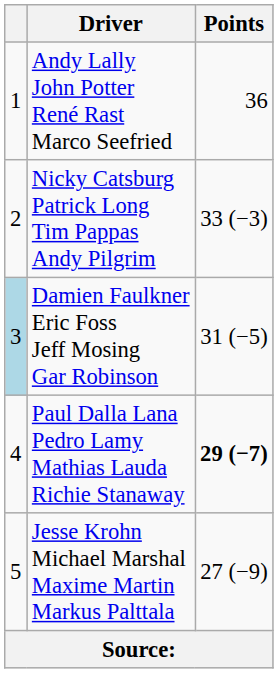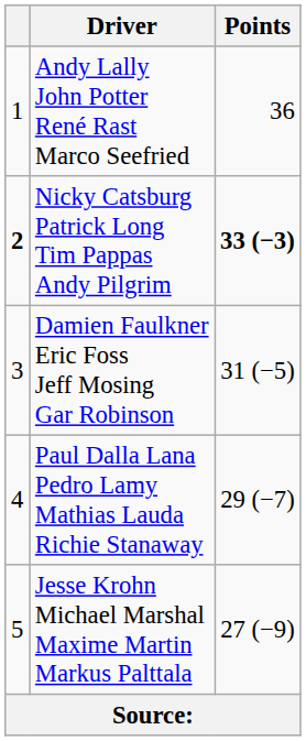 <table class="wikitable" style="font-size: 95%;">
 <tr>
 <th scope="col"></th>
 <th scope="col">Driver</th>
 <th scope="col">Points</th>
 </tr>
 <tr>
 <td align=center>1</td>
 <td> <a href='#'>Andy Lally</a><br> <a href='#'>John Potter</a><br> <a href='#'>René Rast</a><br> Marco Seefried</td>
 <td align=right>36</td>
 </tr>
 <tr>
-<td align=center>2</td>
+<td align=center><strong>2</strong></td>
 <td> <a href='#'>Nicky Catsburg</a><br> <a href='#'>Patrick Long</a><br> <a href='#'>Tim Pappas</a><br> <a href='#'>Andy Pilgrim</a></td>
-<td align=right>33 (−3)</td>
+<td align=right><strong>33 (−3)</strong></td>
 </tr>
 <tr>
-<td align=center style="background: lightblue;">3</td>
+<td align=center>3</td>
 <td> <a href='#'>Damien Faulkner</a><br> Eric Foss<br> Jeff Mosing<br> <a href='#'>Gar Robinson</a></td>
 <td align=right>31 (−5)</td>
 </tr>
 <tr>
 <td align=center>4</td>
 <td> <a href='#'>Paul Dalla Lana</a><br> <a href='#'>Pedro Lamy</a><br> <a href='#'>Mathias Lauda</a><br> <a href='#'>Richie Stanaway</a></td>
-<td align=right><strong>29 (−7)</strong></td>
+<td align=right>29 (−7)</td>
 </tr>
 <tr>
 <td align=center>5</td>
 <td> <a href='#'>Jesse Krohn</a><br> Michael Marshal<br> <a href='#'>Maxime Martin</a><br> <a href='#'>Markus Palttala</a></td>
 <td align=right>27 (−9)</td>
 </tr>
 <tr>
 <th colspan=4>Source:</th>
 </tr>
 </table>
